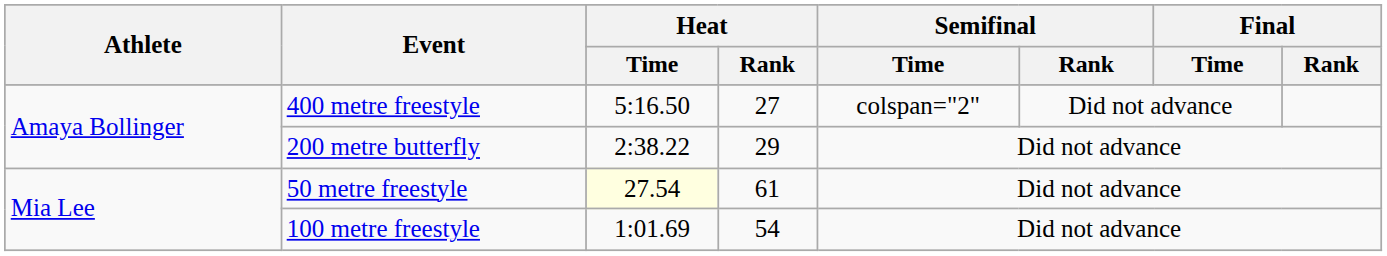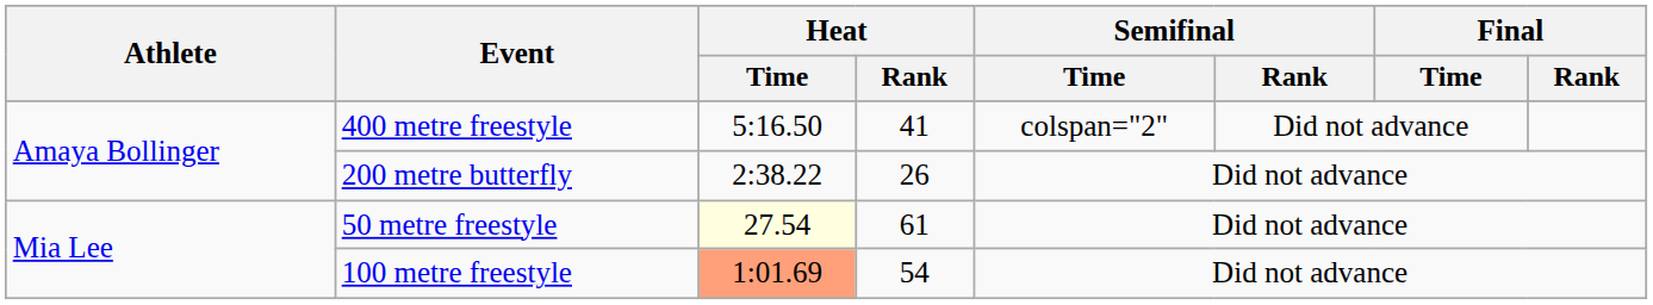 <table class="wikitable" style="text-align:center; font-size:90%; width:50%;">
 <tr>
 <th rowspan="2">Athlete</th>
 <th rowspan="2">Event</th>
 <th colspan="2">Heat</th>
 <th colspan="2">Semifinal</th>
 <th colspan="2">Final</th>
 </tr>
 <tr style="font-size:95%">
 <th>Time</th>
 <th>Rank</th>
 <th>Time</th>
 <th>Rank</th>
 <th>Time</th>
 <th>Rank</th>
 </tr>
 <tr>
 <td align=left rowspan=2><a href='#'>Amaya Bollinger</a></td>
 <td align=left><a href='#'>400 metre freestyle</a></td>
 <td>5:16.50</td>
-<td>27</td>
+<td>41</td>
 <td>colspan="2" </td>
 <td colspan="2">Did not advance</td>
 </tr>
 <tr>
 <td align=left><a href='#'>200 metre butterfly</a></td>
 <td>2:38.22</td>
-<td>29</td>
+<td>26</td>
 <td colspan=4>Did not advance</td>
 </tr>
 <tr>
 <td align=left rowspan=2><a href='#'>Mia Lee</a></td>
 <td align=left><a href='#'>50 metre freestyle</a></td>
 <td style="background: lightyellow;">27.54</td>
 <td>61</td>
 <td colspan=4>Did not advance</td>
 </tr>
 <tr>
 <td align=left><a href='#'>100 metre freestyle</a></td>
-<td>1:01.69</td>
+<td style="background: lightsalmon;">1:01.69</td>
 <td>54</td>
 <td colspan=4>Did not advance</td>
 </tr>
 </table>
